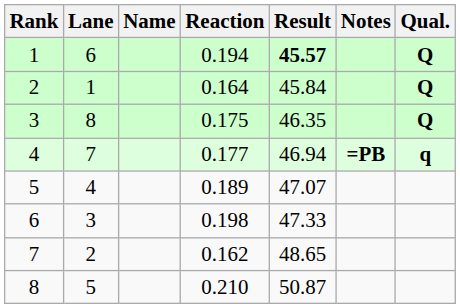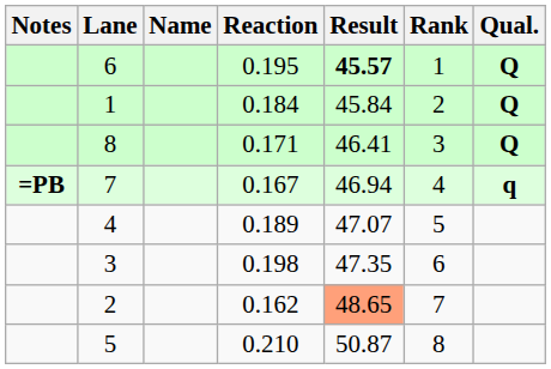 <table class="wikitable sortable" style="text-align:center">
 <tr>
-<th>Rank</th>
+<th>Notes</th>
 <th>Lane</th>
 <th>Name</th>
 <th>Reaction</th>
 <th>Result</th>
-<th>Notes</th>
+<th>Rank</th>
 <th>Qual.</th>
 </tr>
 <tr style="background:#cfc;">
-<td>1</td>
+<td></td>
 <td>6</td>
 <td align="left"></td>
-<td>0.194</td>
+<td>0.195</td>
 <td><strong>45.57</strong></td>
-<td></td>
+<td>1</td>
 <td><strong>Q</strong></td>
 </tr>
 <tr style="background:#cfc;">
-<td>2</td>
+<td></td>
 <td>1</td>
 <td align="left"></td>
-<td>0.164</td>
+<td>0.184</td>
 <td>45.84</td>
-<td></td>
+<td>2</td>
 <td><strong>Q</strong></td>
 </tr>
 <tr style="background:#cfc;">
-<td>3</td>
+<td></td>
 <td>8</td>
 <td align="left"></td>
-<td>0.175</td>
-<td>46.35</td>
-<td></td>
+<td>0.171</td>
+<td>46.41</td>
+<td>3</td>
 <td><strong>Q</strong></td>
 </tr>
 <tr style="background:#dfd;">
-<td>4</td>
+<td><strong>=PB</strong></td>
 <td>7</td>
 <td align="left"></td>
-<td>0.177</td>
+<td>0.167</td>
 <td>46.94</td>
-<td><strong>=PB</strong></td>
+<td>4</td>
 <td><strong>q</strong></td>
 </tr>
 <tr>
-<td>5</td>
+<td></td>
 <td>4</td>
 <td align="left"></td>
 <td>0.189</td>
 <td>47.07</td>
-<td></td>
+<td>5</td>
 <td></td>
 </tr>
 <tr>
-<td>6</td>
+<td></td>
 <td>3</td>
 <td align="left"></td>
 <td>0.198</td>
-<td>47.33</td>
-<td></td>
+<td>47.35</td>
+<td>6</td>
 <td></td>
 </tr>
 <tr>
-<td>7</td>
+<td></td>
 <td>2</td>
 <td align="left"></td>
 <td>0.162</td>
-<td>48.65</td>
-<td></td>
+<td style="background: lightsalmon;">48.65</td>
+<td>7</td>
 <td></td>
 </tr>
 <tr>
-<td>8</td>
+<td></td>
 <td>5</td>
 <td align="left"></td>
 <td>0.210</td>
 <td>50.87</td>
-<td></td>
+<td>8</td>
 <td></td>
 </tr>
 </table>
